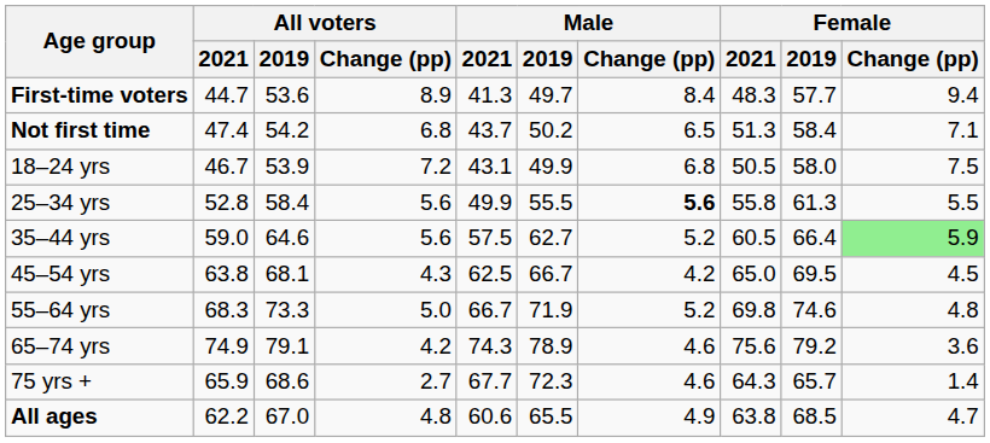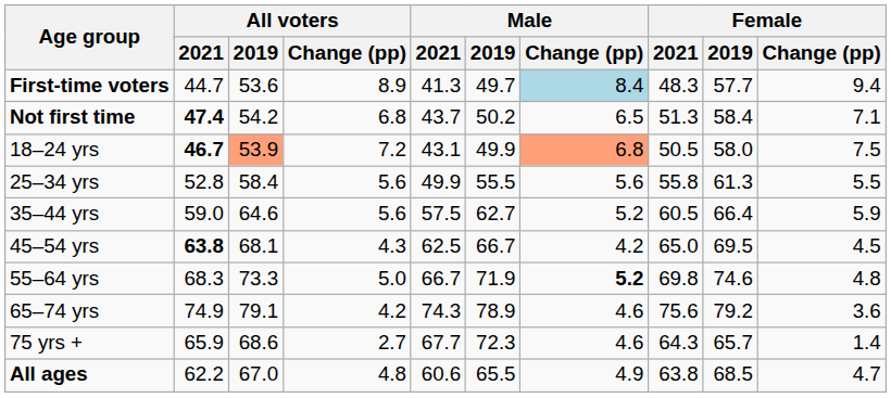 <table class="wikitable" style="text-align:right;">
 <tr>
 <th rowspan="2">Age group</th>
 <th colspan="3">All voters</th>
 <th colspan="3">Male</th>
 <th colspan="3">Female</th>
 </tr>
 <tr>
 <th>2021</th>
 <th>2019</th>
 <th>Change (pp)</th>
 <th>2021</th>
 <th>2019</th>
 <th>Change (pp)</th>
 <th>2021</th>
 <th>2019</th>
 <th>Change (pp)</th>
 </tr>
 <tr>
 <td style="text-align:left;"><strong>First-time voters</strong></td>
 <td>44.7</td>
 <td>53.6</td>
 <td>8.9</td>
 <td>41.3</td>
 <td>49.7</td>
-<td>8.4</td>
+<td style="background: lightblue;">8.4</td>
 <td>48.3</td>
 <td>57.7</td>
 <td>9.4</td>
 </tr>
 <tr>
 <td style="text-align:left;"><strong>Not first time</strong></td>
-<td>47.4</td>
+<td><strong>47.4</strong></td>
 <td>54.2</td>
 <td>6.8</td>
 <td>43.7</td>
 <td>50.2</td>
 <td>6.5</td>
 <td>51.3</td>
 <td>58.4</td>
 <td>7.1</td>
 </tr>
 <tr>
 <td style="text-align:left;">18–24 yrs</td>
-<td>46.7</td>
-<td>53.9</td>
+<td><strong>46.7</strong></td>
+<td style="background: lightsalmon;">53.9</td>
 <td>7.2</td>
 <td>43.1</td>
 <td>49.9</td>
-<td>6.8</td>
+<td style="background: lightsalmon;">6.8</td>
 <td>50.5</td>
 <td>58.0</td>
 <td>7.5</td>
 </tr>
 <tr>
 <td style="text-align:left;">25–34 yrs</td>
 <td>52.8</td>
 <td>58.4</td>
 <td>5.6</td>
 <td>49.9</td>
 <td>55.5</td>
-<td><strong>5.6</strong></td>
+<td>5.6</td>
 <td>55.8</td>
 <td>61.3</td>
 <td>5.5</td>
 </tr>
 <tr>
 <td style="text-align:left;">35–44 yrs</td>
 <td>59.0</td>
 <td>64.6</td>
 <td>5.6</td>
 <td>57.5</td>
 <td>62.7</td>
 <td>5.2</td>
 <td>60.5</td>
 <td>66.4</td>
-<td style="background: lightgreen;">5.9</td>
+<td>5.9</td>
 </tr>
 <tr>
 <td style="text-align:left;">45–54 yrs</td>
-<td>63.8</td>
+<td><strong>63.8</strong></td>
 <td>68.1</td>
 <td>4.3</td>
 <td>62.5</td>
 <td>66.7</td>
 <td>4.2</td>
 <td>65.0</td>
 <td>69.5</td>
 <td>4.5</td>
 </tr>
 <tr>
 <td style="text-align:left;">55–64 yrs</td>
 <td>68.3</td>
 <td>73.3</td>
 <td>5.0</td>
 <td>66.7</td>
 <td>71.9</td>
-<td>5.2</td>
+<td><strong>5.2</strong></td>
 <td>69.8</td>
 <td>74.6</td>
 <td>4.8</td>
 </tr>
 <tr>
 <td style="text-align:left;">65–74 yrs</td>
 <td>74.9</td>
 <td>79.1</td>
 <td>4.2</td>
 <td>74.3</td>
 <td>78.9</td>
 <td>4.6</td>
 <td>75.6</td>
 <td>79.2</td>
 <td>3.6</td>
 </tr>
 <tr>
 <td style="text-align:left;">75 yrs +</td>
 <td>65.9</td>
 <td>68.6</td>
 <td>2.7</td>
 <td>67.7</td>
 <td>72.3</td>
 <td>4.6</td>
 <td>64.3</td>
 <td>65.7</td>
 <td>1.4</td>
 </tr>
 <tr>
 <td style="text-align:left;"><strong>All ages</strong></td>
 <td>62.2</td>
 <td>67.0</td>
 <td>4.8</td>
 <td>60.6</td>
 <td>65.5</td>
 <td>4.9</td>
 <td>63.8</td>
 <td>68.5</td>
 <td>4.7</td>
 </tr>
 </table>
